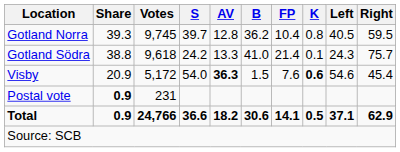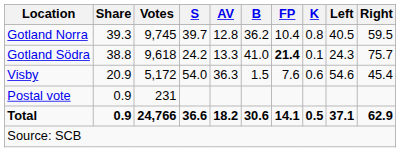 <table class="wikitable sortable" style=text-align:right>
 <tr>
 <th>Location</th>
 <th>Share</th>
 <th>Votes</th>
 <th><a href='#'>S</a></th>
 <th><a href='#'>AV</a></th>
 <th><a href='#'>B</a></th>
 <th><a href='#'>FP</a></th>
 <th><a href='#'>K</a></th>
 <th>Left</th>
 <th>Right</th>
 </tr>
 <tr>
 <td align=left><a href='#'>Gotland Norra</a></td>
 <td>39.3</td>
 <td>9,745</td>
 <td>39.7</td>
 <td>12.8</td>
 <td>36.2</td>
 <td>10.4</td>
 <td>0.8</td>
 <td>40.5</td>
 <td>59.5</td>
 </tr>
 <tr>
 <td align=left><a href='#'>Gotland Södra</a></td>
 <td>38.8</td>
 <td>9,618</td>
 <td>24.2</td>
 <td>13.3</td>
 <td>41.0</td>
-<td>21.4</td>
+<td><strong>21.4</strong></td>
 <td>0.1</td>
 <td>24.3</td>
 <td>75.7</td>
 </tr>
 <tr>
 <td align=left><a href='#'>Visby</a></td>
 <td>20.9</td>
 <td>5,172</td>
 <td>54.0</td>
-<td><strong>36.3</strong></td>
+<td>36.3</td>
 <td>1.5</td>
 <td>7.6</td>
-<td><strong>0.6</strong></td>
+<td>0.6</td>
 <td>54.6</td>
 <td>45.4</td>
 </tr>
 <tr>
 <td align=left><a href='#'>Postal vote</a></td>
-<td><strong>0.9</strong></td>
+<td>0.9</td>
 <td>231</td>
 <td></td>
 <td></td>
 <td></td>
 <td></td>
 <td></td>
 <td></td>
 <td></td>
 </tr>
 <tr>
 <td align=left><strong>Total</strong></td>
 <td><strong>0.9</strong></td>
 <td><strong>24,766</strong></td>
 <td><strong>36.6</strong></td>
 <td><strong>18.2</strong></td>
 <td><strong>30.6</strong></td>
 <td><strong>14.1</strong></td>
 <td><strong>0.5</strong></td>
 <td><strong>37.1</strong></td>
 <td><strong>62.9</strong></td>
 </tr>
 <tr>
 <td align=left colspan=10>Source: SCB </td>
 </tr>
 </table>
